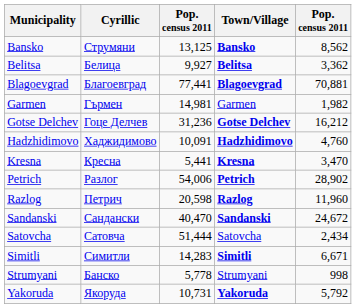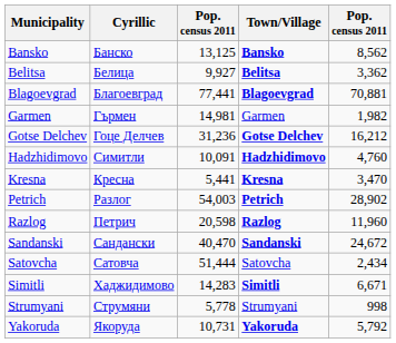 <table class="wikitable sortable">
 <tr>
 <th>Municipality</th>
 <th>Cyrillic</th>
 <th>Pop.<br><small>census 2011</small></th>
 <th>Town/Village</th>
 <th>Pop.<br><small>census 2011</small></th>
 </tr>
 <tr>
 <td><a href='#'>Bansko</a></td>
-<td><a href='#'>Струмяни</a></td>
+<td><a href='#'>Банско</a></td>
 <td style="text-align:right;">13,125</td>
 <td><strong><a href='#'>Bansko</a></strong></td>
 <td style="text-align:right;">8,562</td>
 </tr>
 <tr>
 <td><a href='#'>Belitsa</a></td>
 <td><a href='#'>Белица</a></td>
 <td style="text-align:right;">9,927</td>
 <td><strong><a href='#'>Belitsa</a></strong></td>
 <td style="text-align:right;">3,362</td>
 </tr>
 <tr>
 <td><a href='#'>Blagoevgrad</a></td>
 <td><a href='#'>Благоевград</a></td>
 <td style="text-align:right;">77,441</td>
 <td><strong><a href='#'>Blagoevgrad</a></strong></td>
 <td style="text-align:right;">70,881</td>
 </tr>
 <tr>
 <td><a href='#'>Garmen</a></td>
 <td><a href='#'>Гърмен</a></td>
 <td style="text-align:right;">14,981</td>
 <td><a href='#'>Garmen</a></td>
 <td style="text-align:right;">1,982</td>
 </tr>
 <tr>
 <td><a href='#'>Gotse Delchev</a></td>
 <td><a href='#'>Гоце Делчев</a></td>
 <td style="text-align:right;">31,236</td>
 <td><strong><a href='#'>Gotse Delchev</a></strong></td>
 <td style="text-align:right;">16,212</td>
 </tr>
 <tr>
 <td><a href='#'>Hadzhidimovo</a></td>
-<td><a href='#'>Хаджидимово</a></td>
+<td><a href='#'>Симитли</a></td>
 <td style="text-align:right;">10,091</td>
 <td><strong><a href='#'>Hadzhidimovo</a></strong></td>
 <td style="text-align:right;">4,760</td>
 </tr>
 <tr>
 <td><a href='#'>Kresna</a></td>
 <td><a href='#'>Кресна</a></td>
 <td style="text-align:right;">5,441</td>
 <td><strong><a href='#'>Kresna</a></strong></td>
 <td style="text-align:right;">3,470</td>
 </tr>
 <tr>
 <td><a href='#'>Petrich</a></td>
 <td><a href='#'>Разлог</a></td>
-<td style="text-align:right;">54,006</td>
+<td style="text-align:right;">54,003</td>
 <td><strong><a href='#'>Petrich</a></strong></td>
 <td style="text-align:right;">28,902</td>
 </tr>
 <tr>
 <td><a href='#'>Razlog</a></td>
 <td><a href='#'>Петрич</a></td>
 <td style="text-align:right;">20,598</td>
 <td><strong><a href='#'>Razlog</a></strong></td>
 <td style="text-align:right;">11,960</td>
 </tr>
 <tr>
 <td><a href='#'>Sandanski</a></td>
 <td><a href='#'>Сандански</a></td>
 <td style="text-align:right;">40,470</td>
 <td><strong><a href='#'>Sandanski</a></strong></td>
 <td style="text-align:right;">24,672</td>
 </tr>
 <tr>
 <td><a href='#'>Satovcha</a></td>
 <td><a href='#'>Сатовча</a></td>
 <td style="text-align:right;">51,444</td>
 <td><a href='#'>Satovcha</a></td>
 <td style="text-align:right;">2,434</td>
 </tr>
 <tr>
 <td><a href='#'>Simitli</a></td>
-<td><a href='#'>Симитли</a></td>
+<td><a href='#'>Хаджидимово</a></td>
 <td style="text-align:right;">14,283</td>
 <td><strong><a href='#'>Simitli</a></strong></td>
 <td style="text-align:right;">6,671</td>
 </tr>
 <tr>
 <td><a href='#'>Strumyani</a></td>
-<td><a href='#'>Банско</a></td>
+<td><a href='#'>Струмяни</a></td>
 <td style="text-align:right;">5,778</td>
 <td><a href='#'>Strumyani</a></td>
 <td style="text-align:right;">998</td>
 </tr>
 <tr>
 <td><a href='#'>Yakoruda</a></td>
 <td><a href='#'>Якоруда</a></td>
 <td style="text-align:right;">10,731</td>
 <td><strong><a href='#'>Yakoruda</a></strong></td>
 <td style="text-align:right;">5,792</td>
 </tr>
 </table>
